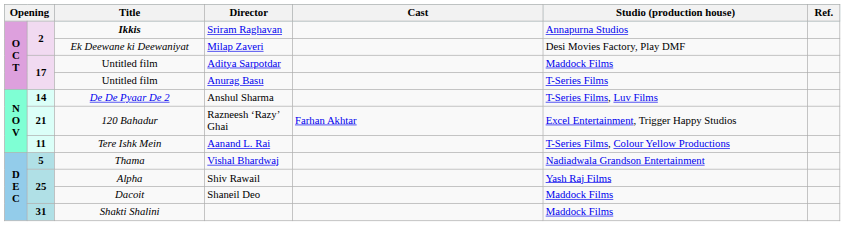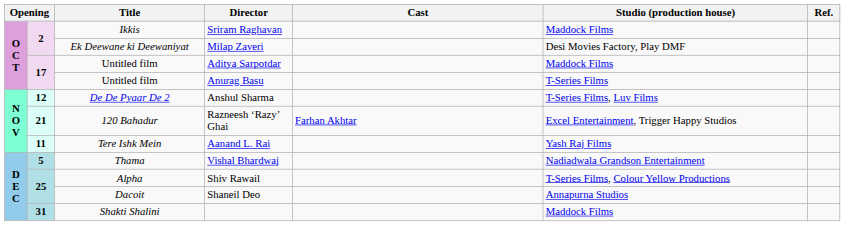 <table class="wikitable">
 <tr style="background:#b0e0e6; text-align:center;">
 <th colspan="2" style="width:6%;"><strong>Opening</strong></th>
 <th style="width:18%;"><strong>Title</strong></th>
 <th style="width:10.5%;"><strong>Director</strong></th>
 <th style="width:30%;"><strong>Cast</strong></th>
 <th>Studio (production house)</th>
 <th>Ref.</th>
 </tr>
 <tr>
 <td rowspan="4" style="text-align:center; background:plum; textcolor:#000;"><strong>O<br>C<br>T</strong></td>
 <td rowspan="2" style="text-align:center;background:#f1daf1;"><strong>2</strong></td>
-<td style="text-align:center;"><strong><em>Ikkis</em></strong></td>
+<td style="text-align:center;"><em>Ikkis</em></td>
 <td><a href='#'>Sriram Raghavan</a></td>
 <td></td>
-<td><a href='#'>Annapurna Studios</a></td>
+<td><a href='#'>Maddock Films</a></td>
 <td></td>
 </tr>
 <tr>
 <td style="text-align: center;"><em>Ek Deewane ki Deewaniyat</em></td>
 <td><a href='#'>Milap Zaveri</a></td>
 <td></td>
 <td>Desi Movies Factory, Play DMF</td>
 <td></td>
 </tr>
 <tr>
 <td rowspan="2" style="text-align:center;background:#f1daf1;"><strong>17</strong></td>
 <td style="text-align:center;">Untitled film</td>
 <td><a href='#'>Aditya Sarpotdar</a></td>
 <td></td>
 <td><a href='#'>Maddock Films</a></td>
 <td></td>
 </tr>
 <tr>
 <td style="text-align:center;">Untitled film</td>
 <td><a href='#'>Anurag Basu</a></td>
 <td></td>
 <td><a href='#'>T-Series Films</a></td>
 <td></td>
 </tr>
 <tr>
 <td rowspan="3" style="text-align:center; background:#7FFFD4; textcolor:#000;"><strong>N<br>O<br>V</strong></td>
-<td style="text-align:center; background:#dbfff8; qaatextcolor:#000;"><strong>14</strong></td>
+<td style="text-align:center; background:#dbfff8; qaatextcolor:#000;"><strong>12</strong></td>
 <td style="text-align:center;"><em><a href='#'>De De Pyaar De 2</a></em></td>
 <td>Anshul Sharma</td>
 <td></td>
 <td><a href='#'>T-Series Films</a>, <a href='#'>Luv Films</a></td>
 <td></td>
 </tr>
 <tr>
 <td style="text-align:center; background:#dbfff8; qaatextcolor:#000;"><strong>21</strong></td>
 <td style="text-align:center;"><em>120 Bahadur</em></td>
 <td>Razneesh ‘Razy’ Ghai</td>
 <td><a href='#'>Farhan Akhtar</a></td>
 <td><a href='#'>Excel Entertainment</a>, Trigger Happy Studios</td>
 <td></td>
 </tr>
 <tr>
 <td style="text-align:center; background:#dbfff8; qaatextcolor:#000;"><strong>11</strong></td>
 <td style="text-align:center;"><em>Tere Ishk Mein</em></td>
 <td><a href='#'>Aanand L. Rai</a></td>
 <td></td>
-<td><a href='#'>T-Series Films</a>, <a href='#'>Colour Yellow Productions</a></td>
+<td><a href='#'>Yash Raj Films</a></td>
 <td></td>
 </tr>
 <tr>
 <td rowspan="4" style="text-align:center; background:#93CCEA; textcolor:#000;"><strong>D<br>E<br>C</strong></td>
 <td style="text-align:center;background:#B0E0E6;"><strong>5</strong></td>
 <td style="text-align:center;"><em>Thama</em></td>
 <td><a href='#'>Vishal Bhardwaj</a></td>
 <td></td>
 <td><a href='#'>Nadiadwala Grandson Entertainment</a></td>
 <td></td>
 </tr>
 <tr>
 <td rowspan="2" style="text-align:center;background:#B0E0E6;"><strong>25</strong></td>
 <td style="text-align:center;"><em>Alpha</em></td>
 <td>Shiv Rawail</td>
 <td></td>
-<td><a href='#'>Yash Raj Films</a></td>
+<td><a href='#'>T-Series Films</a>, <a href='#'>Colour Yellow Productions</a></td>
 <td></td>
 </tr>
 <tr>
 <td style="text-align:center;"><em>Dacoit</em></td>
 <td>Shaneil Deo</td>
 <td></td>
-<td><a href='#'>Maddock Films</a></td>
+<td><a href='#'>Annapurna Studios</a></td>
 <td></td>
 </tr>
 <tr>
 <td style="text-align:center;background:#B0E0E6;"><strong>31</strong></td>
 <td style="text-align:center;"><em>Shakti Shalini</em></td>
 <td></td>
 <td></td>
 <td><a href='#'>Maddock Films</a></td>
 <td></td>
 </tr>
 </table>
